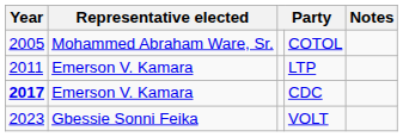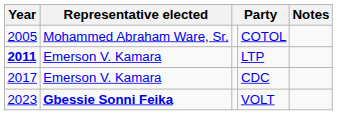 <table class="wikitable">
 <tr>
 <th>Year</th>
 <th>Representative elected</th>
 <th colspan=2>Party</th>
 <th>Notes</th>
 </tr>
 <tr>
 <td><a href='#'>2005</a></td>
 <td><a href='#'>Mohammed Abraham Ware, Sr.</a></td>
 <td></td>
 <td><a href='#'>COTOL</a></td>
 <td></td>
 </tr>
 <tr>
-<td><a href='#'>2011</a></td>
+<td><strong><a href='#'>2011</a></strong></td>
 <td><a href='#'>Emerson V. Kamara</a></td>
 <td></td>
 <td><a href='#'>LTP</a></td>
 <td></td>
 </tr>
 <tr>
-<td><strong><a href='#'>2017</a></strong></td>
+<td><a href='#'>2017</a></td>
 <td><a href='#'>Emerson V. Kamara</a></td>
 <td></td>
 <td><a href='#'>CDC</a></td>
 <td></td>
 </tr>
 <tr>
 <td><a href='#'>2023</a></td>
-<td><a href='#'>Gbessie Sonni Feika</a></td>
+<td><strong><a href='#'>Gbessie Sonni Feika</a></strong></td>
 <td></td>
 <td><a href='#'>VOLT</a></td>
 <td></td>
 </tr>
 </table>
